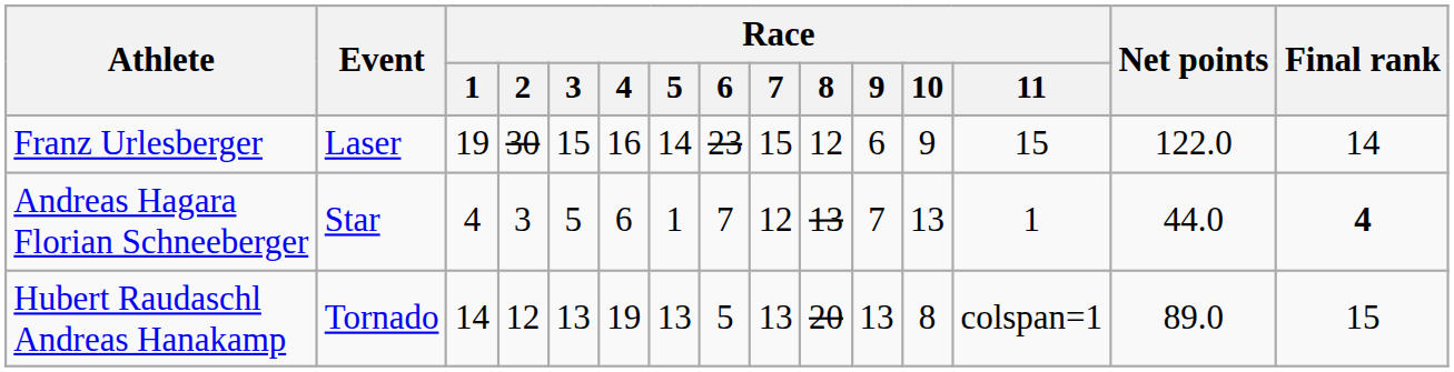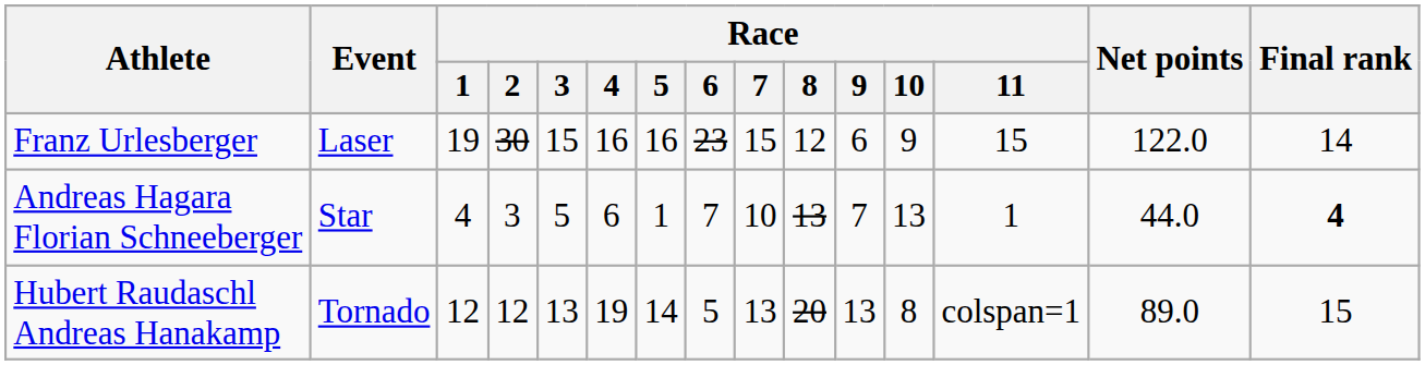 <table class="wikitable" style="font-size:90%">
 <tr>
 <th rowspan="2">Athlete</th>
 <th rowspan="2">Event</th>
 <th colspan=11>Race</th>
 <th rowspan=2>Net points</th>
 <th rowspan=2>Final rank</th>
 </tr>
 <tr style="font-size:95%">
 <th>1</th>
 <th>2</th>
 <th>3</th>
 <th>4</th>
 <th>5</th>
 <th>6</th>
 <th>7</th>
 <th>8</th>
 <th>9</th>
 <th>10</th>
 <th>11</th>
 </tr>
 <tr align=center>
 <td align=left><a href='#'>Franz Urlesberger</a></td>
 <td align=left><a href='#'>Laser</a></td>
 <td>19</td>
 <td><s>30</s></td>
 <td>15</td>
 <td>16</td>
-<td>14</td>
+<td>16</td>
 <td><s>23</s></td>
 <td>15</td>
 <td>12</td>
 <td>6</td>
 <td>9</td>
 <td>15</td>
 <td>122.0</td>
 <td>14</td>
 </tr>
 <tr align=center>
 <td align=left><a href='#'>Andreas Hagara</a><br><a href='#'>Florian Schneeberger</a></td>
 <td align=left><a href='#'>Star</a></td>
 <td>4</td>
 <td>3</td>
 <td>5</td>
 <td>6</td>
 <td>1</td>
 <td>7</td>
-<td>12</td>
+<td>10</td>
 <td><s>13</s></td>
 <td>7</td>
 <td>13</td>
 <td>1</td>
 <td>44.0</td>
 <td><strong>4</strong></td>
 </tr>
 <tr align=center>
 <td align=left><a href='#'>Hubert Raudaschl</a><br><a href='#'>Andreas Hanakamp</a></td>
 <td align=left><a href='#'>Tornado</a></td>
-<td>14</td>
+<td>12</td>
 <td>12</td>
 <td>13</td>
 <td>19</td>
-<td>13</td>
+<td>14</td>
 <td>5</td>
 <td>13</td>
 <td><s>20</s></td>
 <td>13</td>
 <td>8</td>
 <td>colspan=1 </td>
 <td>89.0</td>
 <td>15</td>
 </tr>
 </table>
